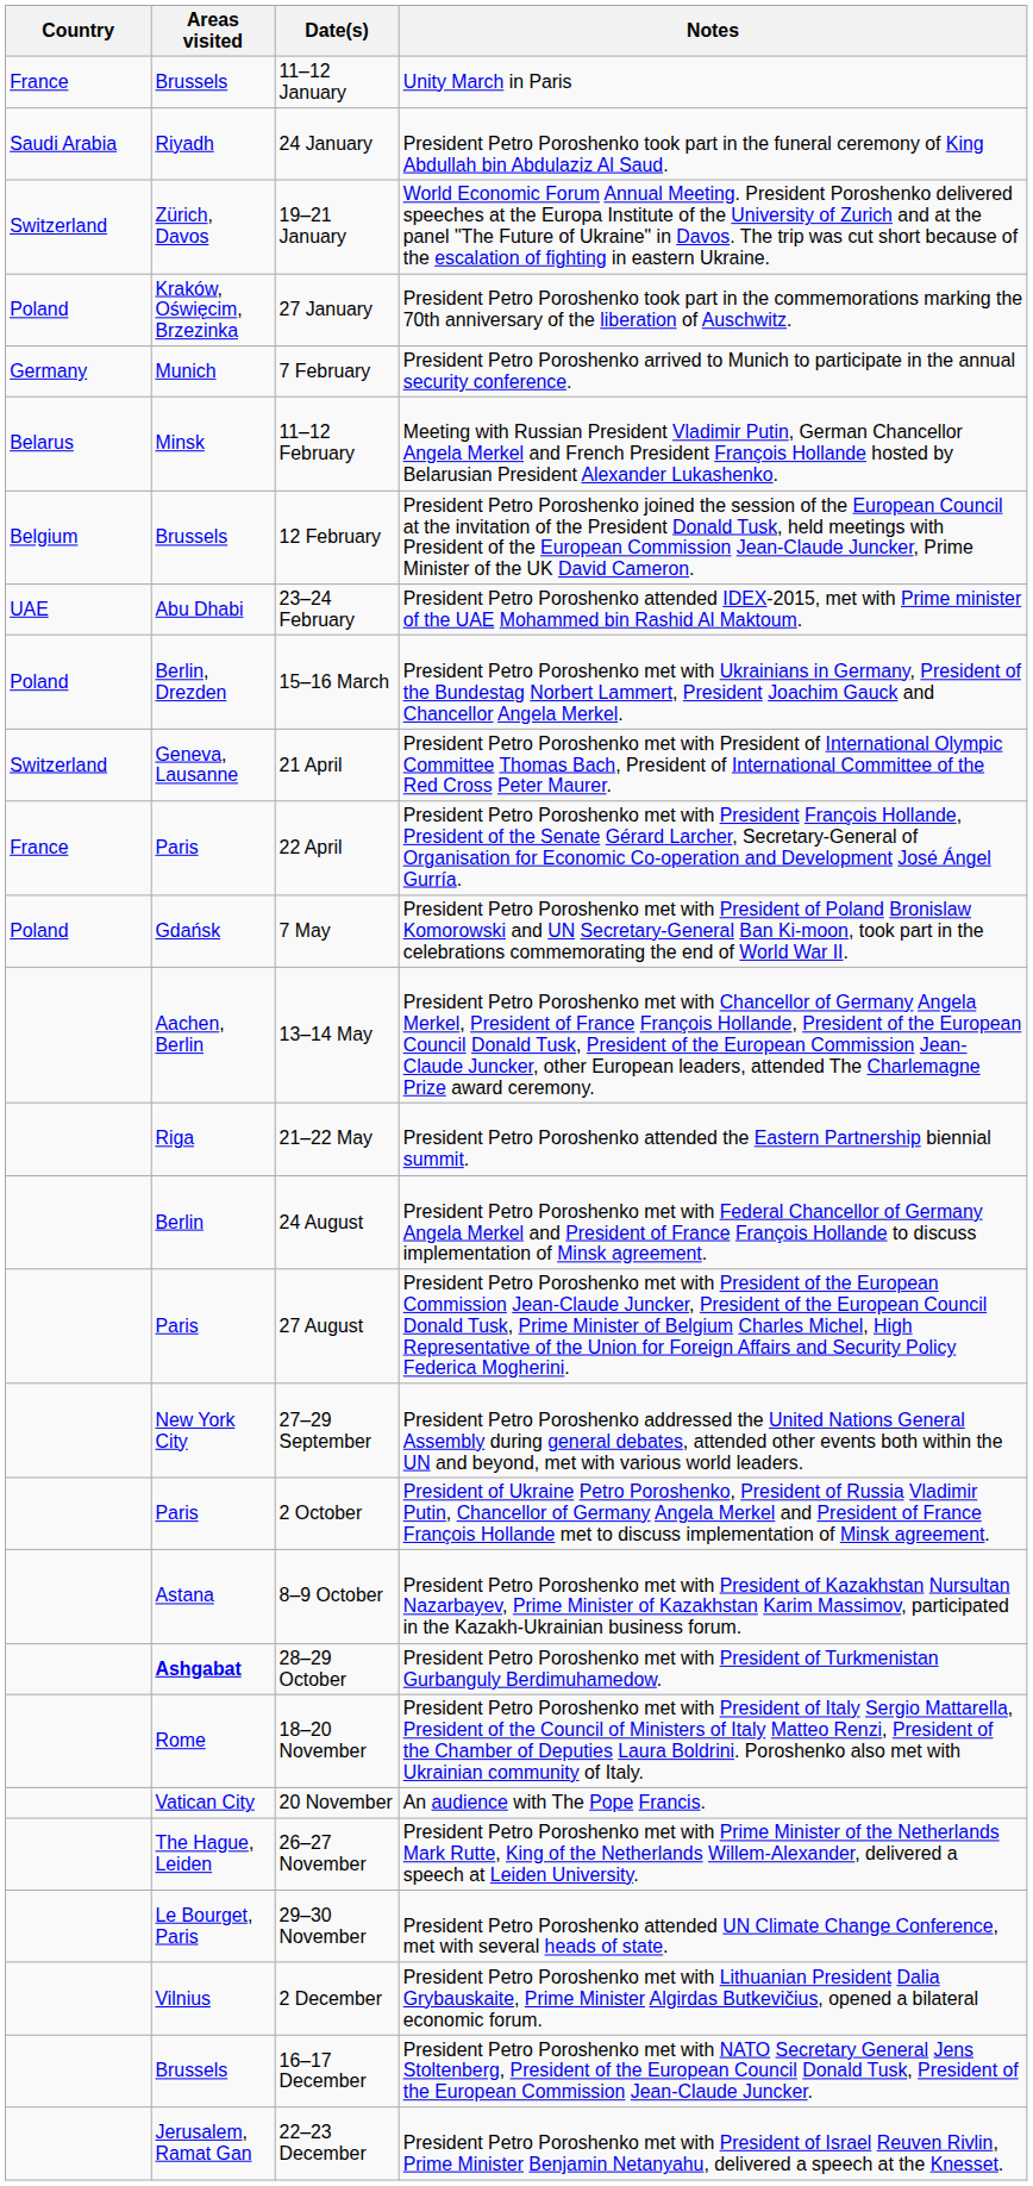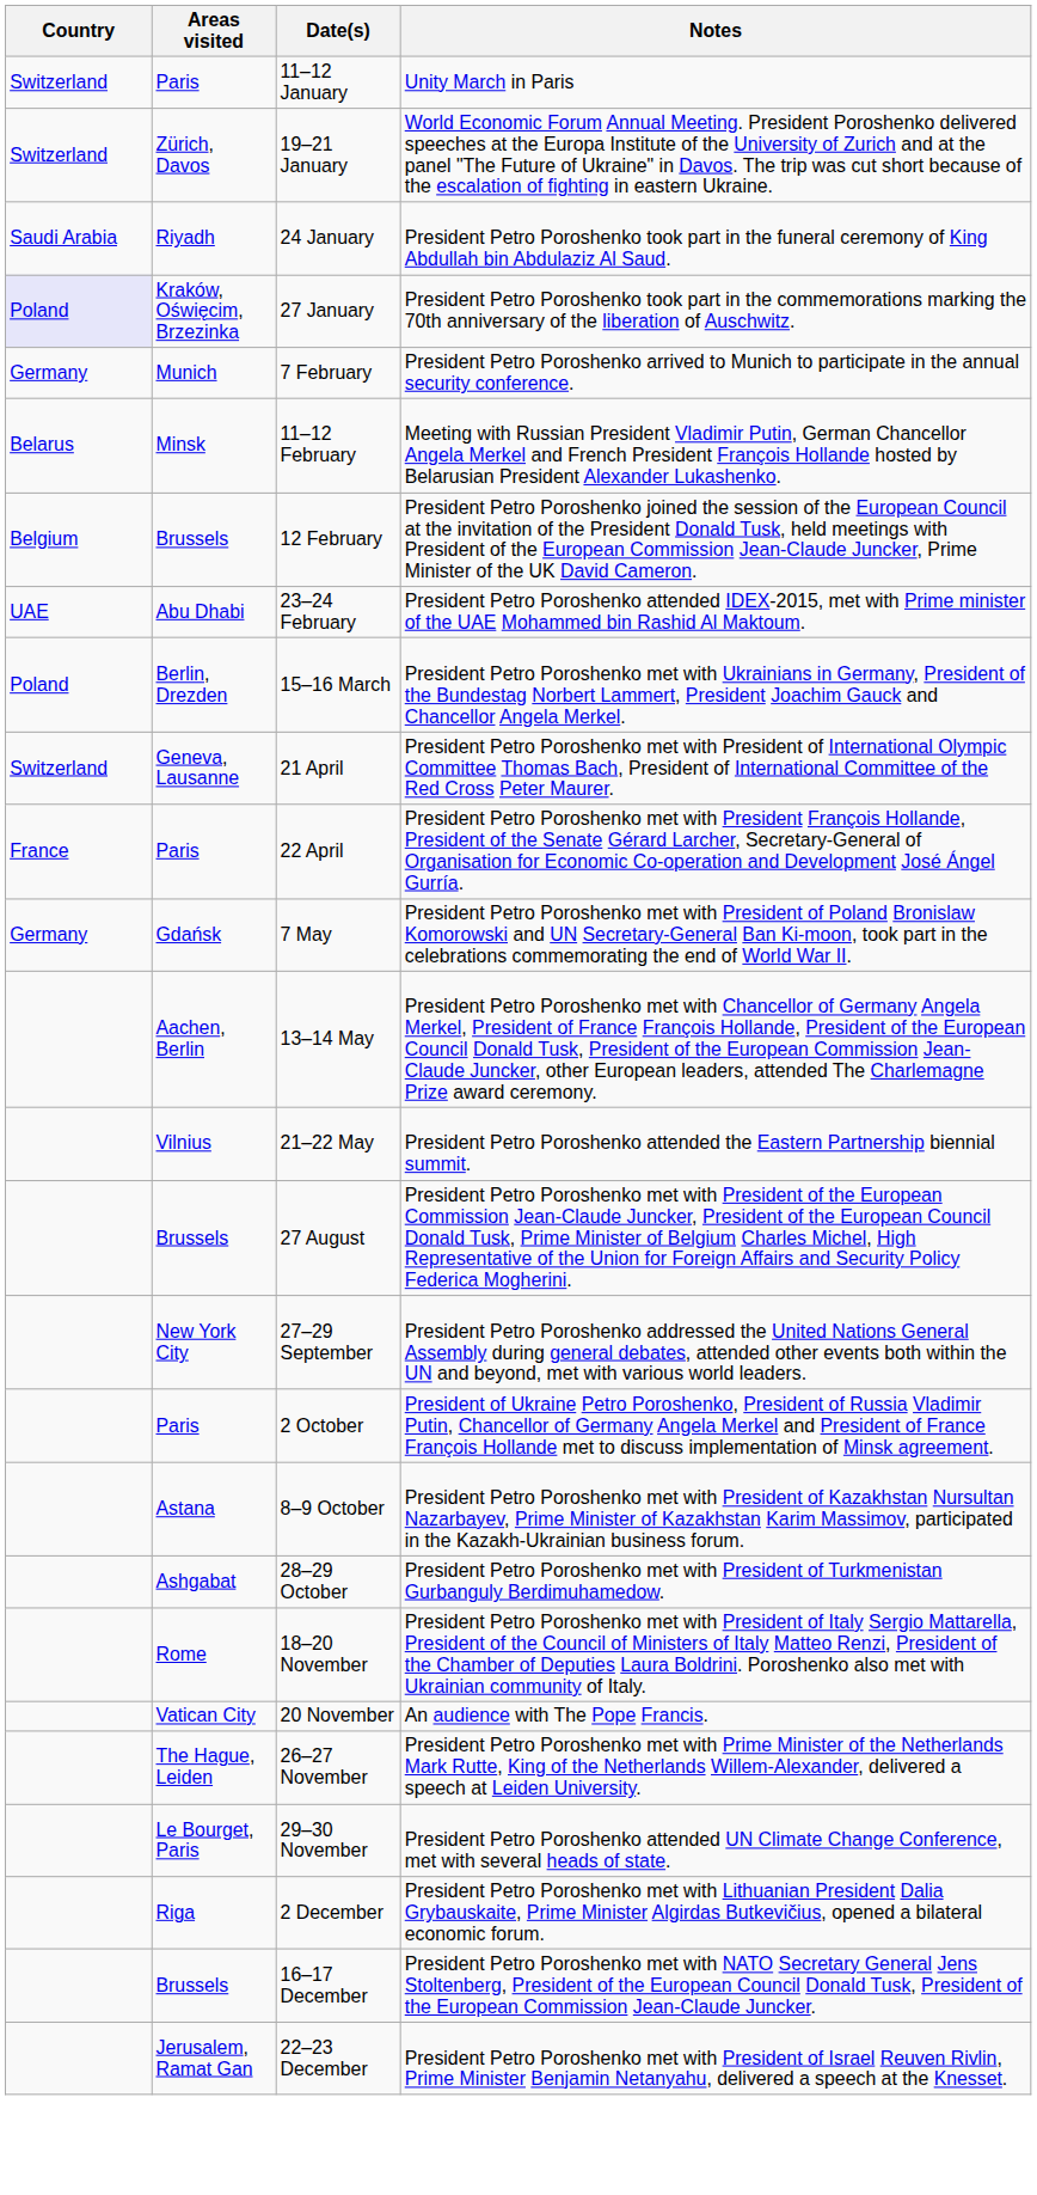 <table class=wikitable>
 <tr>
 <th width=120>Country</th>
 <th width=100>Areas visited</th>
 <th width=100>Date(s)</th>
 <th width=570>Notes</th>
 </tr>
 <tr>
-<td> <a href='#'>France</a></td>
-<td><a href='#'>Brussels</a></td>
+<td> <a href='#'>Switzerland</a></td>
+<td><a href='#'>Paris</a></td>
 <td>11–12 January</td>
 <td><a href='#'>Unity March</a> in Paris</td>
+</tr>
+<tr>
+<td> <a href='#'>Switzerland</a></td>
+<td><a href='#'>Zürich</a>, <a href='#'>Davos</a></td>
+<td>19–21 January</td>
+<td><a href='#'>World Economic Forum</a> <a href='#'>Annual Meeting</a>. President Poroshenko delivered speeches at the Europa Institute of the <a href='#'>University of Zurich</a> and at the panel "The Future of Ukraine" in <a href='#'>Davos</a>. The trip was cut short because of the <a href='#'>escalation of fighting</a> in eastern Ukraine.</td>
 </tr>
 <tr>
 <td> <a href='#'>Saudi Arabia</a></td>
 <td><a href='#'>Riyadh</a></td>
 <td>24 January</td>
 <td><br>President Petro Poroshenko took part in the funeral ceremony of <a href='#'>King</a> <a href='#'>Abdullah bin Abdulaziz Al Saud</a>.</td>
 </tr>
 <tr>
-<td> <a href='#'>Switzerland</a></td>
-<td><a href='#'>Zürich</a>, <a href='#'>Davos</a></td>
-<td>19–21 January</td>
-<td><a href='#'>World Economic Forum</a> <a href='#'>Annual Meeting</a>. President Poroshenko delivered speeches at the Europa Institute of the <a href='#'>University of Zurich</a> and at the panel "The Future of Ukraine" in <a href='#'>Davos</a>. The trip was cut short because of the <a href='#'>escalation of fighting</a> in eastern Ukraine.</td>
-</tr>
-<tr>
-<td> <a href='#'>Poland</a></td>
+<td style="background: lavender;"> <a href='#'>Poland</a></td>
 <td><a href='#'>Kraków</a>, <a href='#'>Oświęcim</a>, <a href='#'>Brzezinka</a></td>
 <td>27 January</td>
 <td>President Petro Poroshenko took part in the commemorations marking the 70th anniversary of the <a href='#'>liberation</a> of <a href='#'>Auschwitz</a>.</td>
 </tr>
 <tr>
 <td> <a href='#'>Germany</a></td>
 <td><a href='#'>Munich</a></td>
 <td>7 February</td>
 <td>President Petro Poroshenko arrived to Munich to participate in the annual <a href='#'>security conference</a>.</td>
 </tr>
 <tr>
 <td> <a href='#'>Belarus</a></td>
 <td><a href='#'>Minsk</a></td>
 <td>11–12 February</td>
 <td><br>Meeting with Russian President <a href='#'>Vladimir Putin</a>, German Chancellor <a href='#'>Angela Merkel</a> and French President <a href='#'>François Hollande</a> hosted by Belarusian President <a href='#'>Alexander Lukashenko</a>.</td>
 </tr>
 <tr>
 <td> <a href='#'>Belgium</a></td>
 <td><a href='#'>Brussels</a></td>
 <td>12 February</td>
 <td>President Petro Poroshenko joined the session of the <a href='#'>European Council</a> at the invitation of the President <a href='#'>Donald Tusk</a>, held meetings with President of the <a href='#'>European Commission</a> <a href='#'>Jean-Claude Juncker</a>, Prime Minister of the UK <a href='#'>David Cameron</a>.</td>
 </tr>
 <tr>
 <td> <a href='#'>UAE</a></td>
 <td><a href='#'>Abu Dhabi</a></td>
 <td>23–24 February</td>
 <td>President Petro Poroshenko attended <a href='#'>IDEX</a>-2015, met with <a href='#'>Prime minister of the UAE</a> <a href='#'>Mohammed bin Rashid Al Maktoum</a>.</td>
 </tr>
 <tr>
 <td> <a href='#'>Poland</a></td>
 <td><a href='#'>Berlin</a>, <a href='#'>Drezden</a></td>
 <td>15–16 March</td>
 <td><br>President Petro Poroshenko met with <a href='#'>Ukrainians in Germany</a>, <a href='#'>President of the Bundestag</a> <a href='#'>Norbert Lammert</a>, <a href='#'>President</a> <a href='#'>Joachim Gauck</a> and <a href='#'>Chancellor</a> <a href='#'>Angela Merkel</a>.</td>
 </tr>
 <tr>
 <td> <a href='#'>Switzerland</a></td>
 <td><a href='#'>Geneva</a>, <a href='#'>Lausanne</a></td>
 <td>21 April</td>
 <td>President Petro Poroshenko met with President of <a href='#'>International Olympic Committee</a> <a href='#'>Thomas Bach</a>, President of <a href='#'>International Committee of the Red Cross</a> <a href='#'>Peter Maurer</a>.</td>
 </tr>
 <tr>
 <td> <a href='#'>France</a></td>
 <td><a href='#'>Paris</a></td>
 <td>22 April</td>
 <td>President Petro Poroshenko met with <a href='#'>President</a> <a href='#'>François Hollande</a>, <a href='#'>President of the Senate</a> <a href='#'>Gérard Larcher</a>, Secretary-General of <a href='#'>Organisation for Economic Co-operation and Development</a> <a href='#'>José Ángel Gurría</a>.</td>
 </tr>
 <tr>
-<td> <a href='#'>Poland</a></td>
+<td> <a href='#'>Germany</a></td>
 <td><a href='#'>Gdańsk</a></td>
 <td>7 May</td>
 <td>President Petro Poroshenko met with <a href='#'>President of Poland</a> <a href='#'>Bronislaw Komorowski</a> and <a href='#'>UN</a> <a href='#'>Secretary-General</a> <a href='#'>Ban Ki-moon</a>, took part in the celebrations commemorating the end of <a href='#'>World War II</a>.</td>
 </tr>
 <tr>
 <td></td>
 <td><a href='#'>Aachen</a>, <a href='#'>Berlin</a></td>
 <td>13–14 May</td>
 <td><br>President Petro Poroshenko met with <a href='#'>Chancellor of Germany</a> <a href='#'>Angela Merkel</a>, <a href='#'>President of France</a> <a href='#'>François Hollande</a>, <a href='#'>President of the European Council</a> <a href='#'>Donald Tusk</a>, <a href='#'>President of the European Commission</a> <a href='#'>Jean-Claude Juncker</a>, other European leaders, attended The <a href='#'>Charlemagne Prize</a> award ceremony.</td>
 </tr>
 <tr>
 <td></td>
-<td><a href='#'>Riga</a></td>
+<td><a href='#'>Vilnius</a></td>
 <td>21–22 May</td>
 <td><br>President Petro Poroshenko attended the <a href='#'>Eastern Partnership</a> biennial <a href='#'>summit</a>.</td>
 </tr>
 <tr>
 <td></td>
-<td><a href='#'>Berlin</a></td>
-<td>24 August</td>
-<td><br>President Petro Poroshenko met with <a href='#'>Federal Chancellor of Germany</a> <a href='#'>Angela Merkel</a> and <a href='#'>President of France</a> <a href='#'>François Hollande</a> to discuss implementation of <a href='#'>Minsk agreement</a>.</td>
-</tr>
-<tr>
-<td></td>
-<td><a href='#'>Paris</a></td>
+<td><a href='#'>Brussels</a></td>
 <td>27 August</td>
 <td>President Petro Poroshenko met with <a href='#'>President of the European Commission</a> <a href='#'>Jean-Claude Juncker</a>, <a href='#'>President of the European Council</a> <a href='#'>Donald Tusk</a>, <a href='#'>Prime Minister of Belgium</a> <a href='#'>Charles Michel</a>, <a href='#'>High Representative of the Union for Foreign Affairs and Security Policy</a> <a href='#'>Federica Mogherini</a>.</td>
 </tr>
 <tr>
 <td></td>
 <td><a href='#'>New York City</a></td>
 <td>27–29 September</td>
 <td><br>President Petro Poroshenko addressed the <a href='#'>United Nations General Assembly</a> during <a href='#'>general debates</a>, attended other events both within the <a href='#'>UN</a> and beyond, met with various world leaders.</td>
 </tr>
 <tr>
 <td></td>
 <td><a href='#'>Paris</a></td>
 <td>2 October</td>
 <td><a href='#'>President of Ukraine</a> <a href='#'>Petro Poroshenko</a>, <a href='#'>President of Russia</a> <a href='#'>Vladimir Putin</a>, <a href='#'>Chancellor of Germany</a> <a href='#'>Angela Merkel</a> and <a href='#'>President of France</a> <a href='#'>François Hollande</a> met to discuss implementation of <a href='#'>Minsk agreement</a>.</td>
 </tr>
 <tr>
 <td></td>
 <td><a href='#'>Astana</a></td>
 <td>8–9 October</td>
 <td><br>President Petro Poroshenko met with <a href='#'>President of Kazakhstan</a> <a href='#'>Nursultan Nazarbayev</a>, <a href='#'>Prime Minister of Kazakhstan</a> <a href='#'>Karim Massimov</a>, participated in the Kazakh-Ukrainian business forum.</td>
 </tr>
 <tr>
 <td></td>
-<td><strong><a href='#'>Ashgabat</a></strong></td>
+<td><a href='#'>Ashgabat</a></td>
 <td>28–29 October</td>
 <td>President Petro Poroshenko met with <a href='#'>President of Turkmenistan</a> <a href='#'>Gurbanguly Berdimuhamedow</a>.</td>
 </tr>
 <tr>
 <td></td>
 <td><a href='#'>Rome</a></td>
 <td>18–20 November</td>
 <td>President Petro Poroshenko met with <a href='#'>President of Italy</a> <a href='#'>Sergio Mattarella</a>, <a href='#'>President of the Council of Ministers of Italy</a> <a href='#'>Matteo Renzi</a>, <a href='#'>President of the Chamber of Deputies</a> <a href='#'>Laura Boldrini</a>.  Poroshenko also met with <a href='#'>Ukrainian community</a> of Italy.</td>
 </tr>
 <tr>
 <td></td>
 <td><a href='#'>Vatican City</a></td>
 <td>20 November</td>
 <td>An <a href='#'>audience</a> with The <a href='#'>Pope</a> <a href='#'>Francis</a>.</td>
 </tr>
 <tr>
 <td></td>
 <td><a href='#'>The Hague</a>, <a href='#'>Leiden</a></td>
 <td>26–27 November</td>
 <td>President Petro Poroshenko met with <a href='#'>Prime Minister of the Netherlands</a> <a href='#'>Mark Rutte</a>, <a href='#'>King of the Netherlands</a> <a href='#'>Willem-Alexander</a>, delivered a speech at <a href='#'>Leiden University</a>.</td>
 </tr>
 <tr>
 <td></td>
 <td><a href='#'>Le Bourget</a>, <a href='#'>Paris</a></td>
 <td>29–30 November</td>
 <td><br>President Petro Poroshenko attended <a href='#'>UN Climate Change Conference</a>, met with several <a href='#'>heads of state</a>.</td>
 </tr>
 <tr>
 <td></td>
-<td><a href='#'>Vilnius</a></td>
+<td><a href='#'>Riga</a></td>
 <td>2 December</td>
 <td>President Petro Poroshenko met with <a href='#'>Lithuanian President</a> <a href='#'>Dalia Grybauskaite</a>, <a href='#'>Prime Minister</a> <a href='#'>Algirdas Butkevičius</a>, opened a bilateral economic forum.</td>
 </tr>
 <tr>
 <td></td>
 <td><a href='#'>Brussels</a></td>
 <td>16–17 December</td>
 <td>President Petro Poroshenko met with <a href='#'>NATO</a> <a href='#'>Secretary General</a> <a href='#'>Jens Stoltenberg</a>, <a href='#'>President of the European Council</a> <a href='#'>Donald Tusk</a>, <a href='#'>President of the European Commission</a> <a href='#'>Jean-Claude Juncker</a>.</td>
 </tr>
 <tr>
 <td></td>
 <td><a href='#'>Jerusalem</a>, <a href='#'>Ramat Gan</a></td>
 <td>22–23 December</td>
 <td><br>President Petro Poroshenko met with <a href='#'>President of Israel</a> <a href='#'>Reuven Rivlin</a>, <a href='#'>Prime Minister</a> <a href='#'>Benjamin Netanyahu</a>, delivered a speech at the <a href='#'>Knesset</a>. </td>
 </tr>
 </table>
